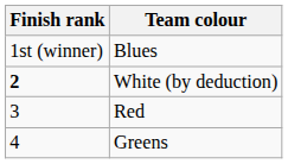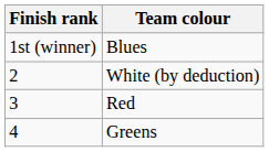 <table class="wikitable">
 <tr>
 <th>Finish rank</th>
 <th>Team colour</th>
 </tr>
 <tr>
 <td>1st (winner)</td>
 <td>Blues</td>
 </tr>
 <tr>
-<td><strong>2</strong></td>
+<td>2</td>
 <td>White (by deduction)</td>
 </tr>
 <tr>
 <td>3</td>
 <td>Red</td>
 </tr>
 <tr>
 <td>4</td>
 <td>Greens</td>
 </tr>
 </table>
